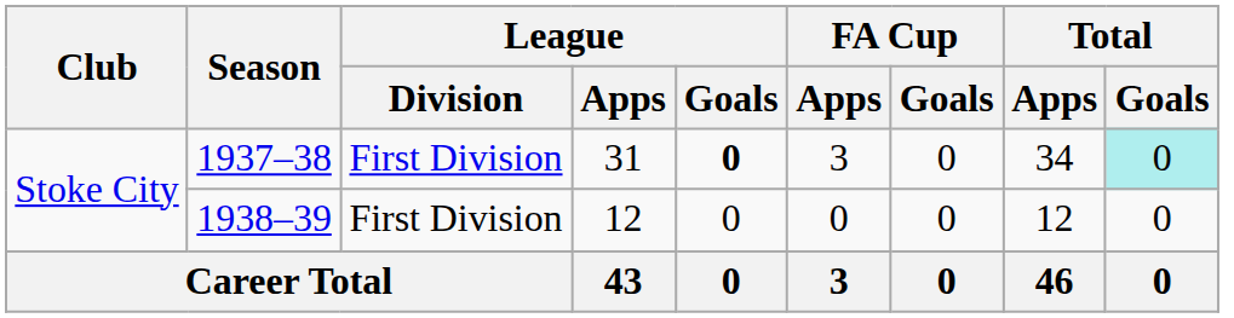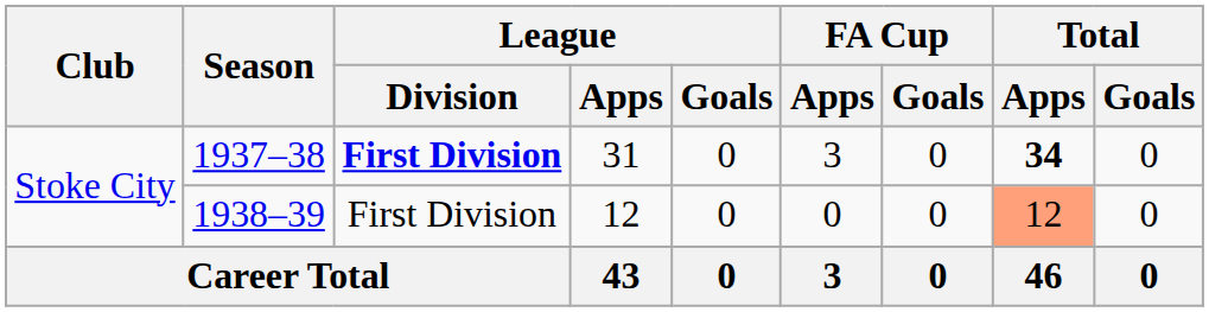 <table class="wikitable" style="text-align: center;">
 <tr>
 <th rowspan="2">Club</th>
 <th rowspan="2">Season</th>
 <th colspan="3">League</th>
 <th colspan="2">FA Cup</th>
 <th colspan="2">Total</th>
 </tr>
 <tr>
 <th>Division</th>
 <th>Apps</th>
 <th>Goals</th>
 <th>Apps</th>
 <th>Goals</th>
 <th>Apps</th>
 <th>Goals</th>
 </tr>
 <tr>
 <td rowspan="2"><a href='#'>Stoke City</a></td>
 <td><a href='#'>1937–38</a></td>
-<td><a href='#'>First Division</a></td>
+<td><strong><a href='#'>First Division</a></strong></td>
 <td>31</td>
-<td><strong>0</strong></td>
+<td>0</td>
 <td>3</td>
 <td>0</td>
-<td>34</td>
-<td style="background: paleturquoise;">0</td>
+<td><strong>34</strong></td>
+<td>0</td>
 </tr>
 <tr>
 <td><a href='#'>1938–39</a></td>
 <td>First Division</td>
 <td>12</td>
 <td>0</td>
 <td>0</td>
 <td>0</td>
-<td>12</td>
+<td style="background: lightsalmon;">12</td>
 <td>0</td>
 </tr>
 <tr>
 <th colspan="3">Career Total</th>
 <th>43</th>
 <th>0</th>
 <th>3</th>
 <th>0</th>
 <th>46</th>
 <th>0</th>
 </tr>
 </table>
